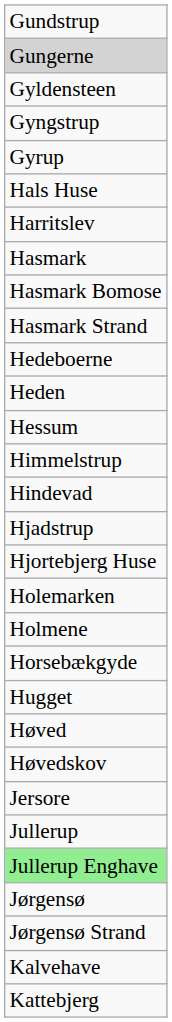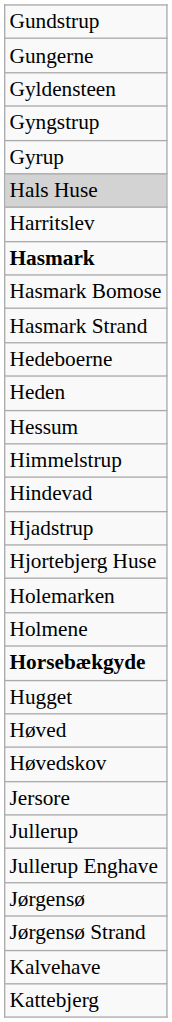 <table class="wikitable" style="float:left; margin-right:1em">
 <tr>
 <td>Gundstrup</td>
 </tr>
 <tr>
-<td style="background: lightgrey;">Gungerne</td>
+<td>Gungerne</td>
 </tr>
 <tr>
 <td>Gyldensteen</td>
 </tr>
 <tr>
 <td>Gyngstrup</td>
 </tr>
 <tr>
 <td>Gyrup</td>
 </tr>
 <tr>
-<td>Hals Huse</td>
+<td style="background: lightgrey;">Hals Huse</td>
 </tr>
 <tr>
 <td>Harritslev</td>
 </tr>
 <tr>
-<td>Hasmark</td>
+<td><strong>Hasmark</strong></td>
 </tr>
 <tr>
 <td>Hasmark Bomose</td>
 </tr>
 <tr>
 <td>Hasmark Strand</td>
 </tr>
 <tr>
 <td>Hedeboerne</td>
 </tr>
 <tr>
 <td>Heden</td>
 </tr>
 <tr>
 <td>Hessum</td>
 </tr>
 <tr>
 <td>Himmelstrup</td>
 </tr>
 <tr>
 <td>Hindevad</td>
 </tr>
 <tr>
 <td>Hjadstrup</td>
 </tr>
 <tr>
 <td>Hjortebjerg Huse</td>
 </tr>
 <tr>
 <td>Holemarken</td>
 </tr>
 <tr>
 <td>Holmene</td>
 </tr>
 <tr>
-<td>Horsebækgyde</td>
+<td><strong>Horsebækgyde</strong></td>
 </tr>
 <tr>
 <td>Hugget</td>
 </tr>
 <tr>
 <td>Høved</td>
 </tr>
 <tr>
 <td>Høvedskov</td>
 </tr>
 <tr>
 <td>Jersore</td>
 </tr>
 <tr>
 <td>Jullerup</td>
 </tr>
 <tr>
-<td style="background: lightgreen;">Jullerup Enghave</td>
+<td>Jullerup Enghave</td>
 </tr>
 <tr>
 <td>Jørgensø</td>
 </tr>
 <tr>
 <td>Jørgensø Strand</td>
 </tr>
 <tr>
 <td>Kalvehave</td>
 </tr>
 <tr>
 <td>Kattebjerg</td>
 </tr>
 </table>
